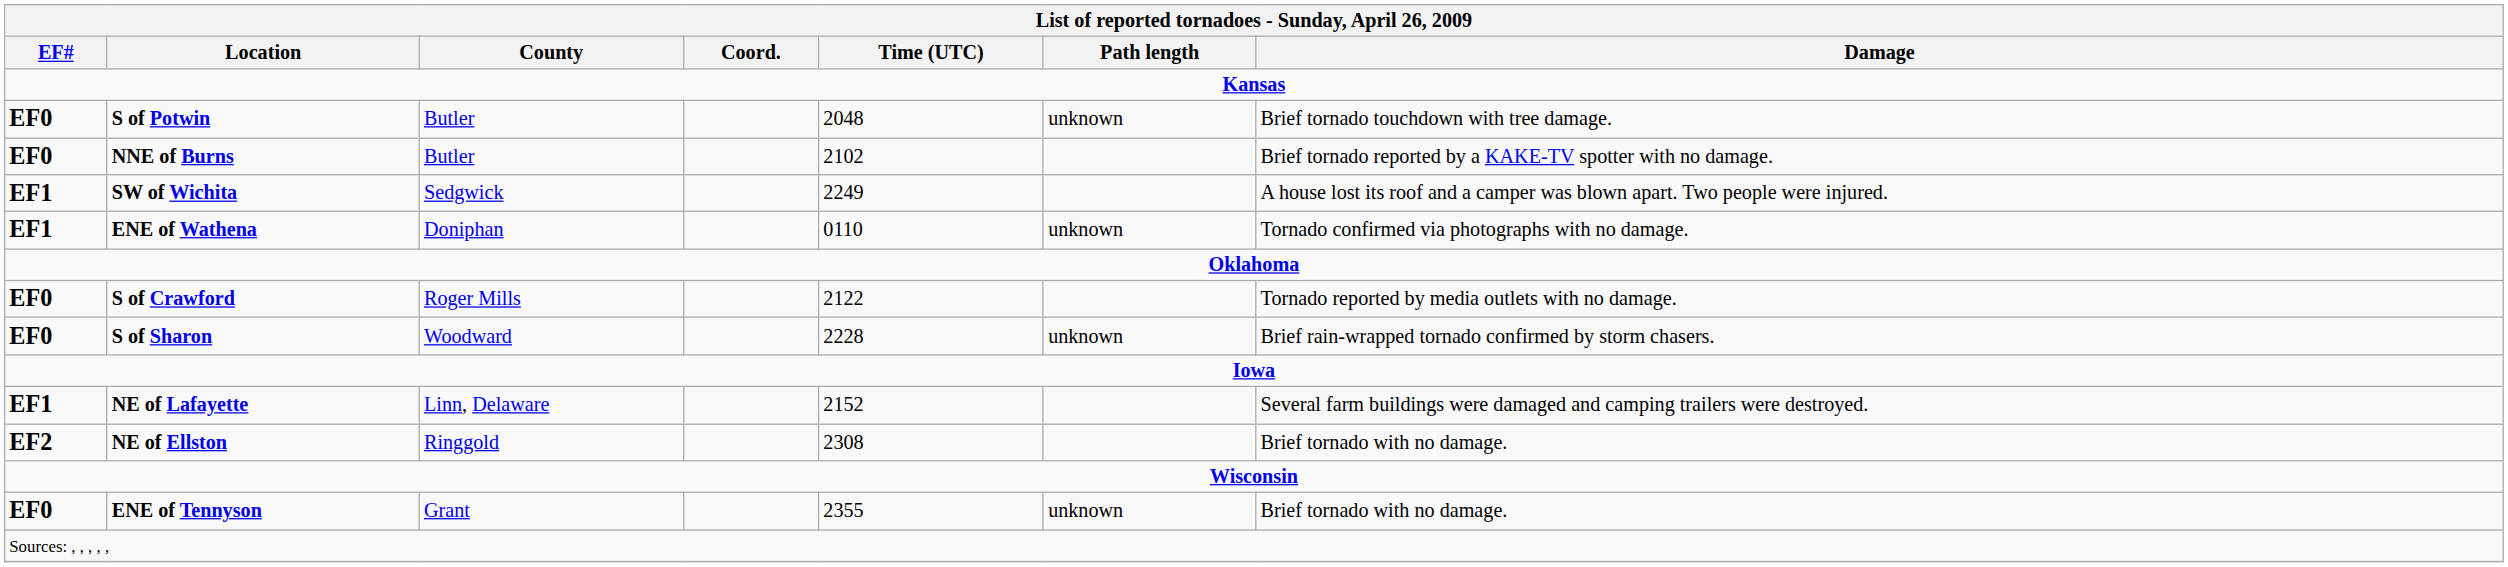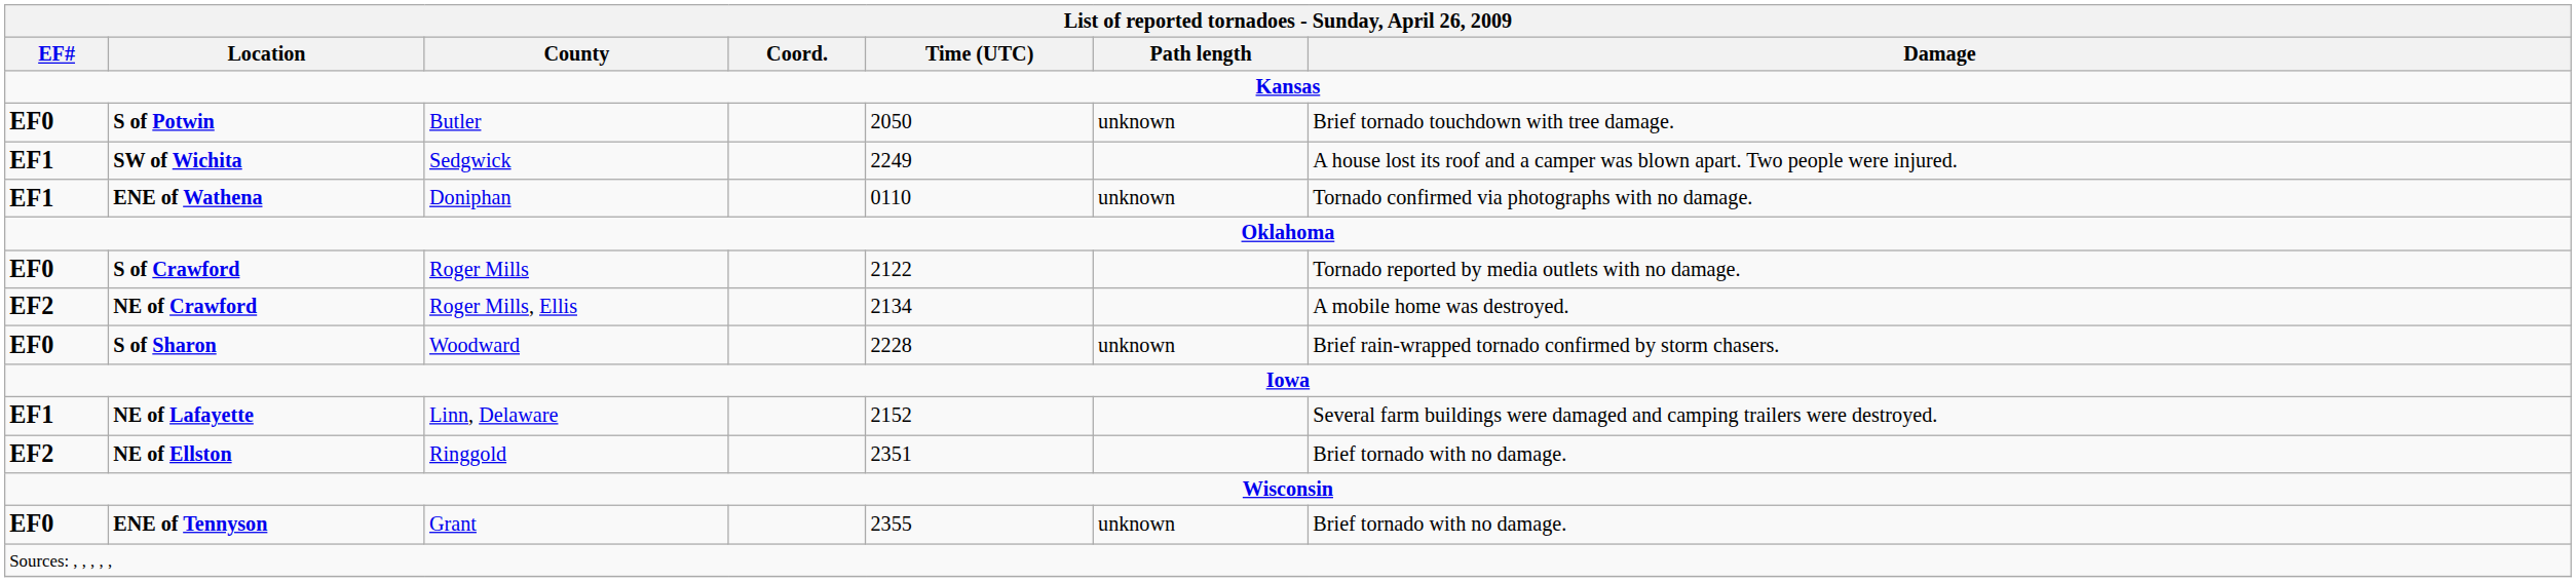 <table class="wikitable collapsible" width="100%">
 <tr>
 <th colspan="7">List of reported tornadoes - Sunday, April 26, 2009</th>
 </tr>
 <tr>
 <th><a href='#'>EF#</a></th>
 <th>Location</th>
 <th>County</th>
 <th>Coord.</th>
 <th>Time (UTC)</th>
 <th>Path length</th>
 <th>Damage</th>
 </tr>
 <tr>
 <td colspan="7" align=center><strong><a href='#'>Kansas</a></strong></td>
 </tr>
 <tr>
 <td><big><strong>EF0</strong></big></td>
 <td><strong>S of <a href='#'>Potwin</a></strong></td>
 <td><a href='#'>Butler</a></td>
 <td></td>
-<td>2048</td>
+<td>2050</td>
 <td>unknown</td>
 <td>Brief tornado touchdown with tree damage.</td>
-</tr>
-<tr>
-<td><big><strong>EF0</strong></big></td>
-<td><strong>NNE of <a href='#'>Burns</a></strong></td>
-<td><a href='#'>Butler</a></td>
-<td></td>
-<td>2102</td>
-<td></td>
-<td>Brief tornado reported by a <a href='#'>KAKE-TV</a> spotter with no damage.</td>
 </tr>
 <tr>
 <td><big><strong>EF1</strong></big></td>
 <td><strong>SW of <a href='#'>Wichita</a></strong></td>
 <td><a href='#'>Sedgwick</a></td>
 <td></td>
 <td>2249</td>
 <td></td>
 <td>A house lost its roof and a camper was blown apart. Two people were injured.</td>
 </tr>
 <tr>
 <td><big><strong>EF1</strong></big></td>
 <td><strong>ENE of <a href='#'>Wathena</a></strong></td>
 <td><a href='#'>Doniphan</a></td>
 <td></td>
 <td>0110</td>
 <td>unknown</td>
 <td>Tornado confirmed via photographs with no damage.</td>
 </tr>
 <tr>
 <td colspan="7" align=center><strong><a href='#'>Oklahoma</a></strong></td>
 </tr>
 <tr>
 <td><big><strong>EF0</strong></big></td>
 <td><strong>S of <a href='#'>Crawford</a></strong></td>
 <td><a href='#'>Roger Mills</a></td>
 <td></td>
 <td>2122</td>
 <td></td>
 <td>Tornado reported by media outlets with no damage.</td>
 </tr>
 <tr>
+<td><big><strong>EF2</strong></big></td>
+<td><strong>NE of <a href='#'>Crawford</a></strong></td>
+<td><a href='#'>Roger Mills</a>, <a href='#'>Ellis</a></td>
+<td></td>
+<td>2134</td>
+<td></td>
+<td>A mobile home was destroyed.</td>
+</tr>
+<tr>
 <td><big><strong>EF0</strong></big></td>
 <td><strong>S of <a href='#'>Sharon</a></strong></td>
 <td><a href='#'>Woodward</a></td>
 <td></td>
 <td>2228</td>
 <td>unknown</td>
 <td>Brief rain-wrapped tornado confirmed by storm chasers.</td>
 </tr>
 <tr>
 <td colspan="7" align=center><strong><a href='#'>Iowa</a></strong></td>
 </tr>
 <tr>
 <td><big><strong>EF1</strong></big></td>
 <td><strong>NE of <a href='#'>Lafayette</a></strong></td>
 <td><a href='#'>Linn</a>, <a href='#'>Delaware</a></td>
 <td></td>
 <td>2152</td>
 <td></td>
 <td>Several farm buildings were damaged and camping trailers were destroyed.</td>
 </tr>
 <tr>
 <td><big><strong>EF2</strong></big></td>
 <td><strong>NE of <a href='#'>Ellston</a></strong></td>
 <td><a href='#'>Ringgold</a></td>
 <td></td>
-<td>2308</td>
+<td>2351</td>
 <td></td>
 <td>Brief tornado with no damage.</td>
 </tr>
 <tr>
 <td colspan="7" align=center><strong><a href='#'>Wisconsin</a></strong></td>
 </tr>
 <tr>
 <td><big><strong>EF0</strong></big></td>
 <td><strong>ENE of <a href='#'>Tennyson</a></strong></td>
 <td><a href='#'>Grant</a></td>
 <td></td>
 <td>2355</td>
 <td>unknown</td>
 <td>Brief tornado with no damage.</td>
 </tr>
 <tr>
 <td colspan="7"><small>Sources: , , , , , </small></td>
 </tr>
 <tr>
 </tr>
 </table>
